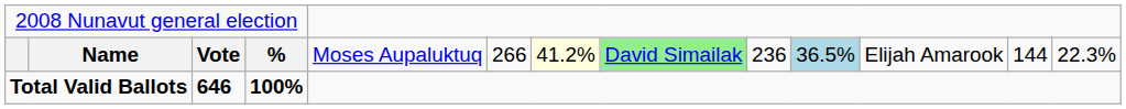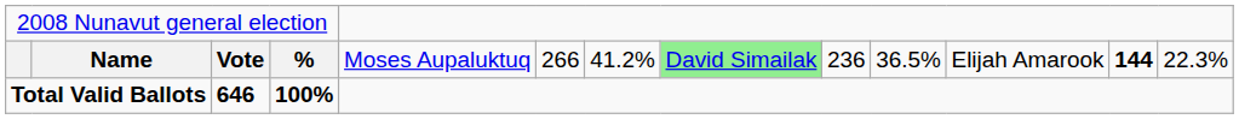 <table class="wikitable">
 <tr>
 <td colspan=4 align=center><a href='#'>2008 Nunavut general election</a></td>
 </tr>
 <tr>
 <th></th>
 <th><strong>Name </strong></th>
 <th><strong>Vote</strong></th>
 <th><strong>%</strong><br></th>
 <td><a href='#'>Moses Aupaluktuq</a></td>
 <td>266</td>
-<td style="background: lightyellow;">41.2%<br></td>
+<td>41.2%<br></td>
 <td style="background: lightgreen;"><a href='#'>David Simailak</a></td>
 <td>236</td>
-<td style="background: lightblue;">36.5%<br></td>
+<td>36.5%<br></td>
 <td>Elijah Amarook</td>
-<td>144</td>
+<td><strong>144</strong></td>
 <td>22.3%</td>
 </tr>
 <tr>
 <td colspan=2><strong>Total Valid Ballots</strong></td>
 <td><strong>646</strong></td>
 <td><strong>100%</strong></td>
 </tr>
 </table>
